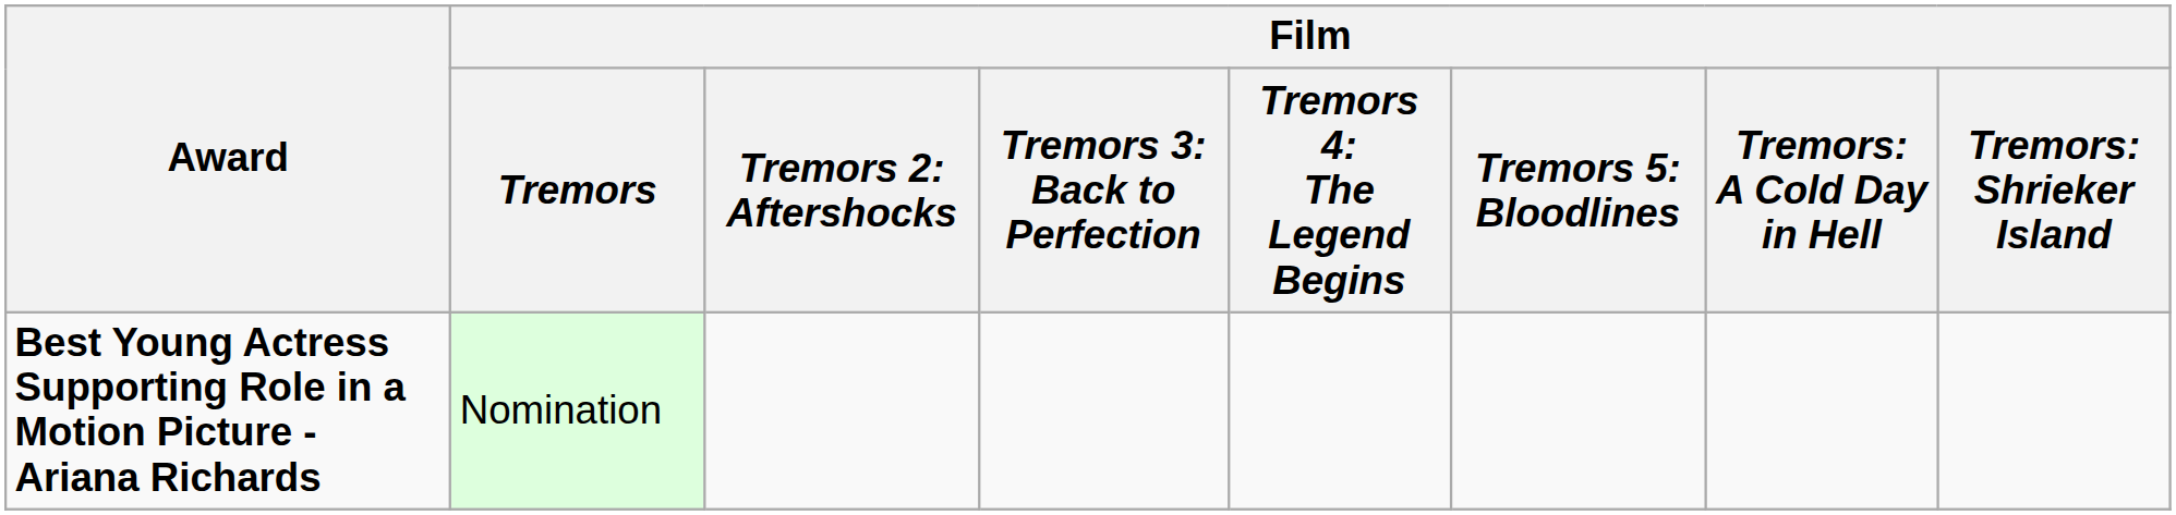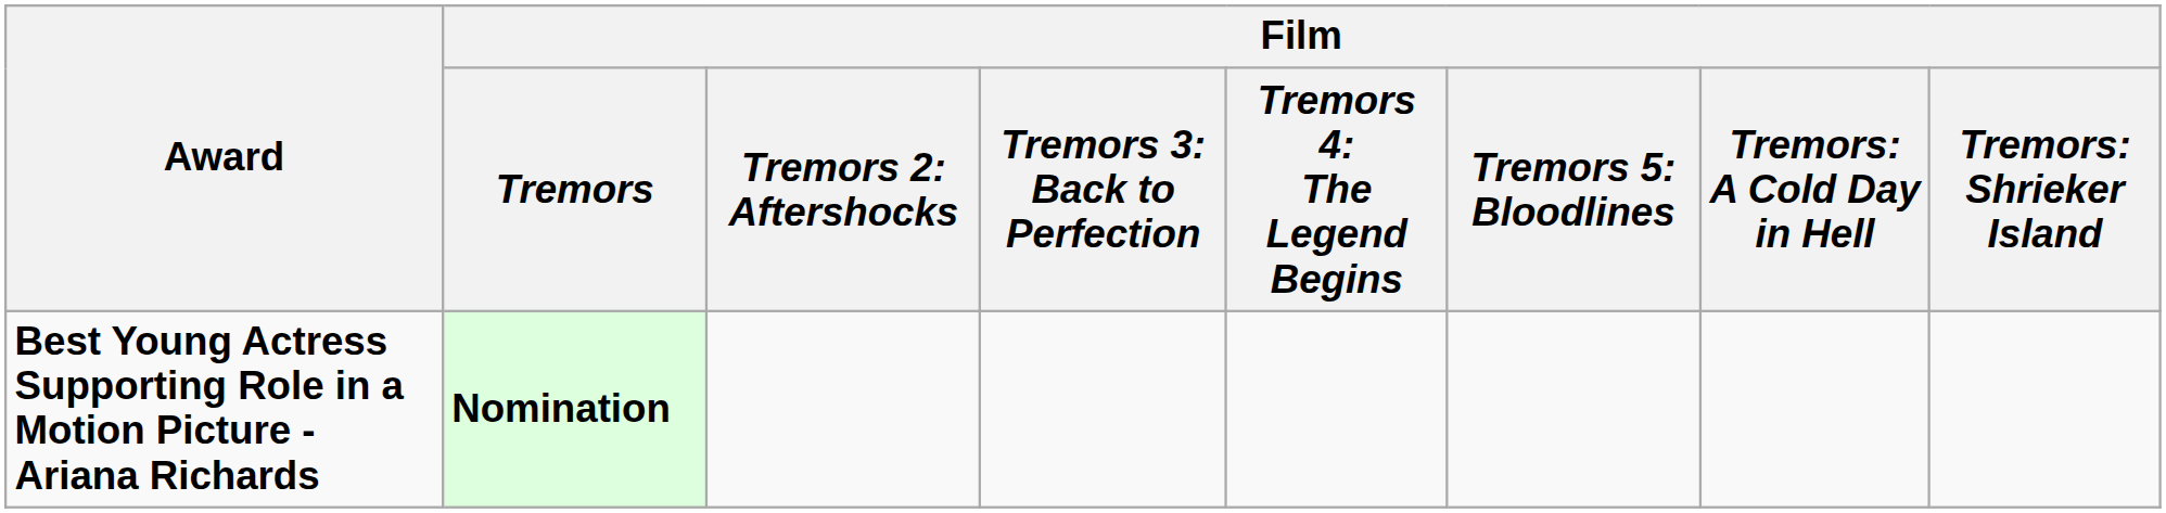 <table class="wikitable" style="margin:left;">
 <tr>
 <th style="width:400px;" rowspan="2">Award</th>
 <th colspan="45">Film</th>
 </tr>
 <tr>
 <th style="width:130px;"><em>Tremors</em></th>
 <th style="width:130px;"><em>Tremors 2: <br>Aftershocks</em></th>
 <th style="width:130px;"><em>Tremors 3: <br>Back to Perfection</em></th>
 <th style="width:130px;"><em>Tremors 4: <br>The Legend Begins</em></th>
 <th style="width:130px;"><em>Tremors 5: <br>Bloodlines</em></th>
 <th style="width:130px;"><em>Tremors: <br>A Cold Day in Hell</em></th>
 <th style="width:130px;"><em>Tremors: <br>Shrieker Island</em></th>
 </tr>
 <tr>
 <td><strong>Best Young Actress Supporting Role in a Motion Picture - Ariana Richards </strong></td>
-<td style="background:#dfd;">Nomination</td>
+<td style="background:#dfd;"><strong>Nomination</strong></td>
 <td></td>
 <td></td>
 <td></td>
 <td></td>
 <td></td>
 <td></td>
 </tr>
 </table>
